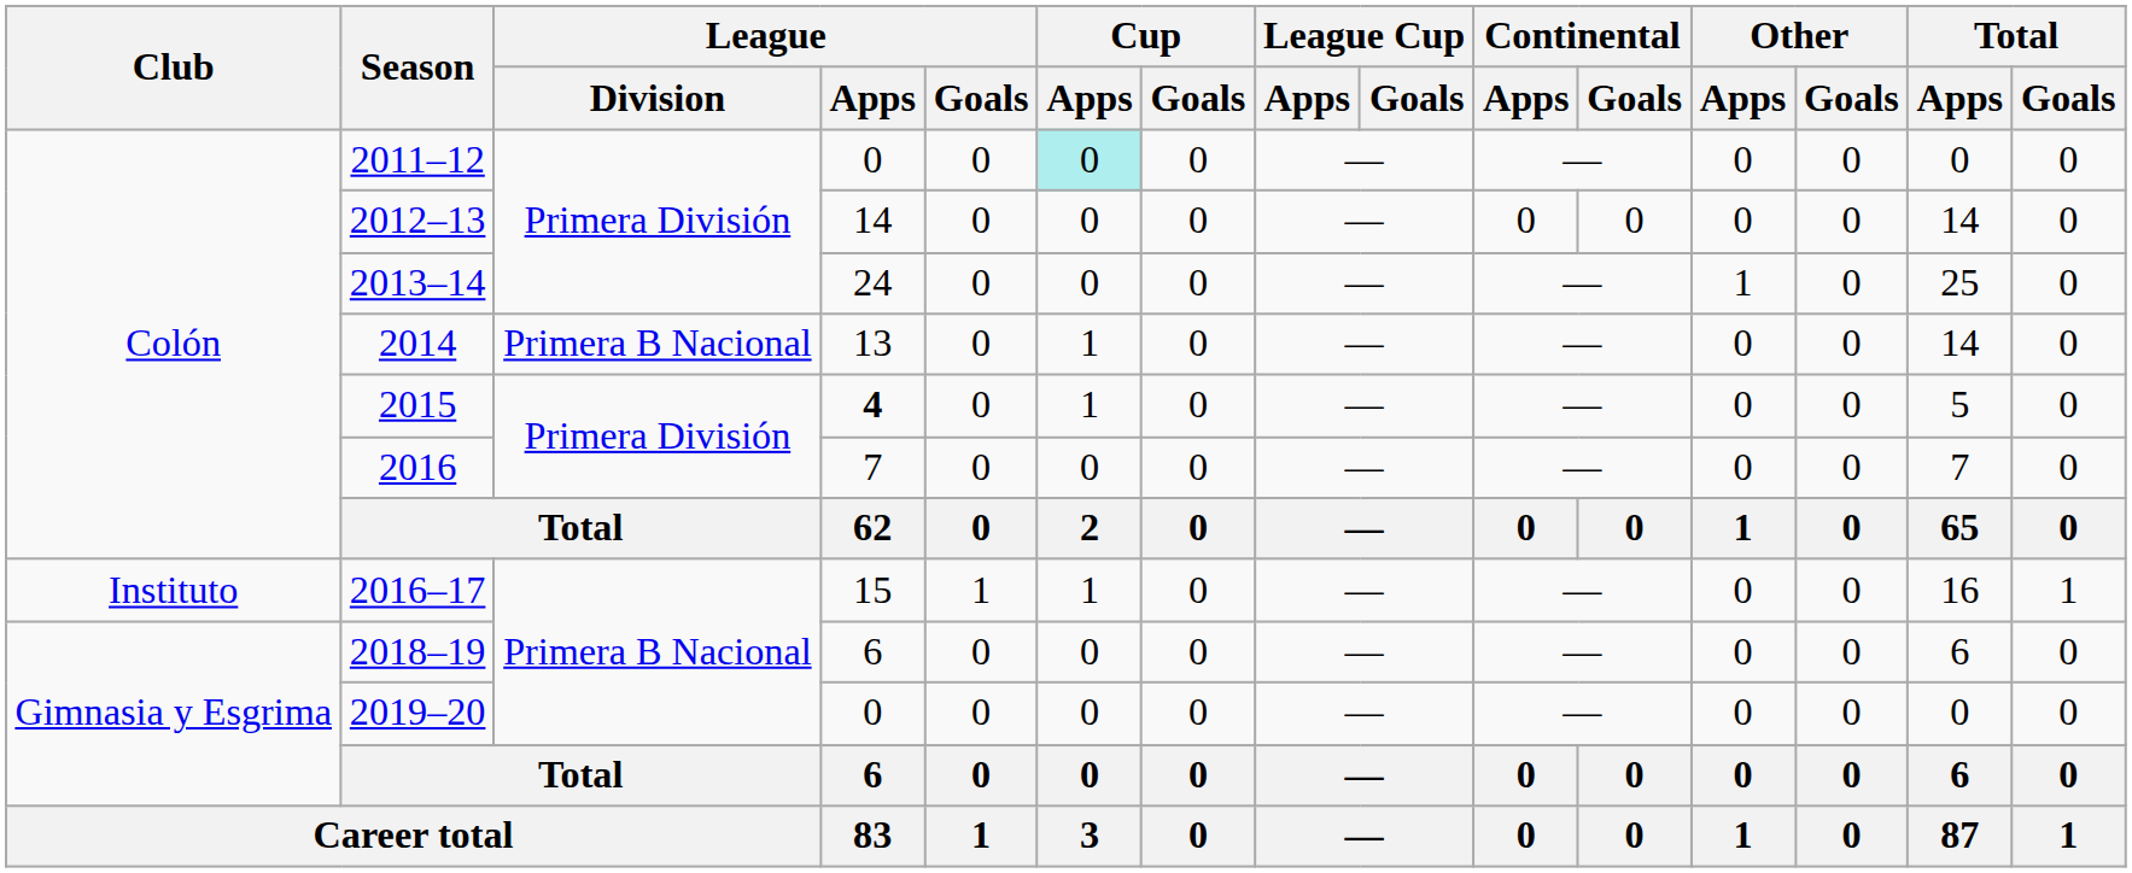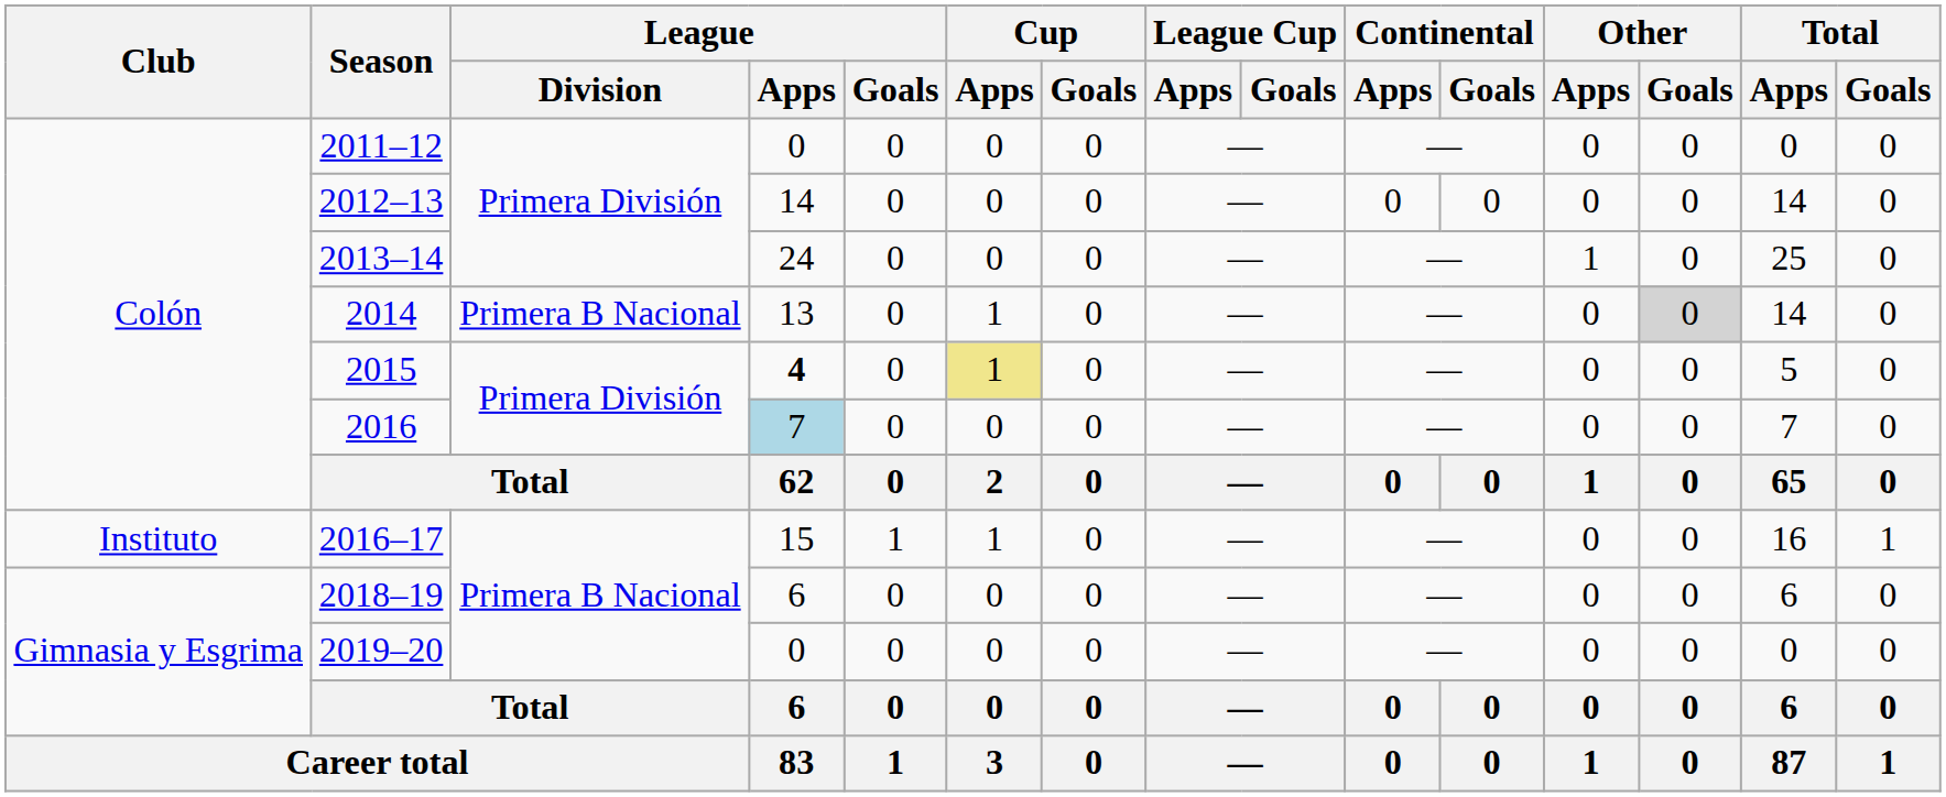 <table class="wikitable" style="text-align:center">
 <tr>
 <th rowspan="2">Club</th>
 <th rowspan="2">Season</th>
 <th colspan="3">League</th>
 <th colspan="2">Cup</th>
 <th colspan="2">League Cup</th>
 <th colspan="2">Continental</th>
 <th colspan="2">Other</th>
 <th colspan="2">Total</th>
 </tr>
 <tr>
 <th>Division</th>
 <th>Apps</th>
 <th>Goals</th>
 <th>Apps</th>
 <th>Goals</th>
 <th>Apps</th>
 <th>Goals</th>
 <th>Apps</th>
 <th>Goals</th>
 <th>Apps</th>
 <th>Goals</th>
 <th>Apps</th>
 <th>Goals</th>
 </tr>
 <tr>
 <td rowspan="7"><a href='#'>Colón</a></td>
 <td><a href='#'>2011–12</a></td>
 <td rowspan="3"><a href='#'>Primera División</a></td>
 <td>0</td>
 <td>0</td>
-<td style="background: paleturquoise;">0</td>
+<td>0</td>
 <td>0</td>
 <td colspan="2">—</td>
 <td colspan="2">—</td>
 <td>0</td>
 <td>0</td>
 <td>0</td>
 <td>0</td>
 </tr>
 <tr>
 <td><a href='#'>2012–13</a></td>
 <td>14</td>
 <td>0</td>
 <td>0</td>
 <td>0</td>
 <td colspan="2">—</td>
 <td>0</td>
 <td>0</td>
 <td>0</td>
 <td>0</td>
 <td>14</td>
 <td>0</td>
 </tr>
 <tr>
 <td><a href='#'>2013–14</a></td>
 <td>24</td>
 <td>0</td>
 <td>0</td>
 <td>0</td>
 <td colspan="2">—</td>
 <td colspan="2">—</td>
 <td>1</td>
 <td>0</td>
 <td>25</td>
 <td>0</td>
 </tr>
 <tr>
 <td><a href='#'>2014</a></td>
 <td rowspan="1"><a href='#'>Primera B Nacional</a></td>
 <td>13</td>
 <td>0</td>
 <td>1</td>
 <td>0</td>
 <td colspan="2">—</td>
 <td colspan="2">—</td>
 <td>0</td>
-<td>0</td>
+<td style="background: lightgrey;">0</td>
 <td>14</td>
 <td>0</td>
 </tr>
 <tr>
 <td><a href='#'>2015</a></td>
 <td rowspan="2"><a href='#'>Primera División</a></td>
 <td><strong>4</strong></td>
 <td>0</td>
-<td>1</td>
+<td style="background: khaki;">1</td>
 <td>0</td>
 <td colspan="2">—</td>
 <td colspan="2">—</td>
 <td>0</td>
 <td>0</td>
 <td>5</td>
 <td>0</td>
 </tr>
 <tr>
 <td><a href='#'>2016</a></td>
-<td>7</td>
+<td style="background: lightblue;">7</td>
 <td>0</td>
 <td>0</td>
 <td>0</td>
 <td colspan="2">—</td>
 <td colspan="2">—</td>
 <td>0</td>
 <td>0</td>
 <td>7</td>
 <td>0</td>
 </tr>
 <tr>
 <th colspan="2">Total</th>
 <th>62</th>
 <th>0</th>
 <th>2</th>
 <th>0</th>
 <th colspan="2">—</th>
 <th>0</th>
 <th>0</th>
 <th>1</th>
 <th>0</th>
 <th>65</th>
 <th>0</th>
 </tr>
 <tr>
 <td rowspan="1"><a href='#'>Instituto</a></td>
 <td><a href='#'>2016–17</a></td>
 <td rowspan="3"><a href='#'>Primera B Nacional</a></td>
 <td>15</td>
 <td>1</td>
 <td>1</td>
 <td>0</td>
 <td colspan="2">—</td>
 <td colspan="2">—</td>
 <td>0</td>
 <td>0</td>
 <td>16</td>
 <td>1</td>
 </tr>
 <tr>
 <td rowspan="3"><a href='#'>Gimnasia y Esgrima</a></td>
 <td><a href='#'>2018–19</a></td>
 <td>6</td>
 <td>0</td>
 <td>0</td>
 <td>0</td>
 <td colspan="2">—</td>
 <td colspan="2">—</td>
 <td>0</td>
 <td>0</td>
 <td>6</td>
 <td>0</td>
 </tr>
 <tr>
 <td><a href='#'>2019–20</a></td>
 <td>0</td>
 <td>0</td>
 <td>0</td>
 <td>0</td>
 <td colspan="2">—</td>
 <td colspan="2">—</td>
 <td>0</td>
 <td>0</td>
 <td>0</td>
 <td>0</td>
 </tr>
 <tr>
 <th colspan="2">Total</th>
 <th>6</th>
 <th>0</th>
 <th>0</th>
 <th>0</th>
 <th colspan="2">—</th>
 <th>0</th>
 <th>0</th>
 <th>0</th>
 <th>0</th>
 <th>6</th>
 <th>0</th>
 </tr>
 <tr>
 <th colspan="3">Career total</th>
 <th>83</th>
 <th>1</th>
 <th>3</th>
 <th>0</th>
 <th colspan="2">—</th>
 <th>0</th>
 <th>0</th>
 <th>1</th>
 <th>0</th>
 <th>87</th>
 <th>1</th>
 </tr>
 </table>
